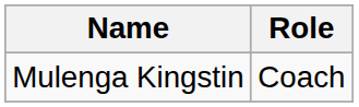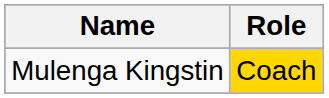 <table class="wikitable">
 <tr>
 <th>Name</th>
 <th>Role</th>
 </tr>
 <tr>
 <td> Mulenga Kingstin</td>
-<td>Coach</td>
+<td style="background: gold;">Coach</td>
 </tr>
 </table>
